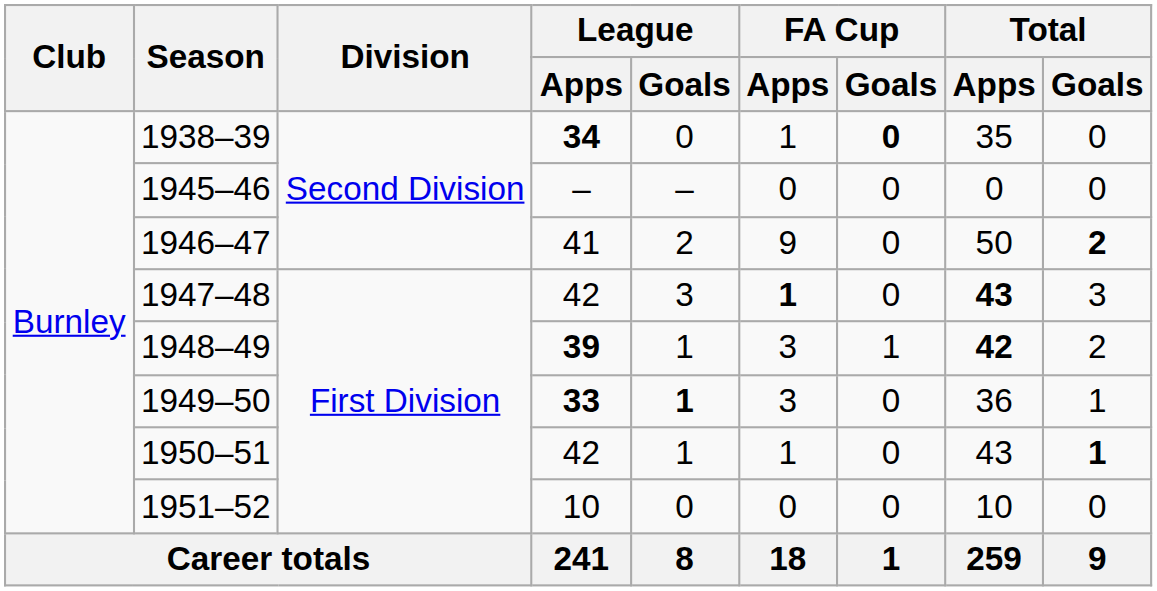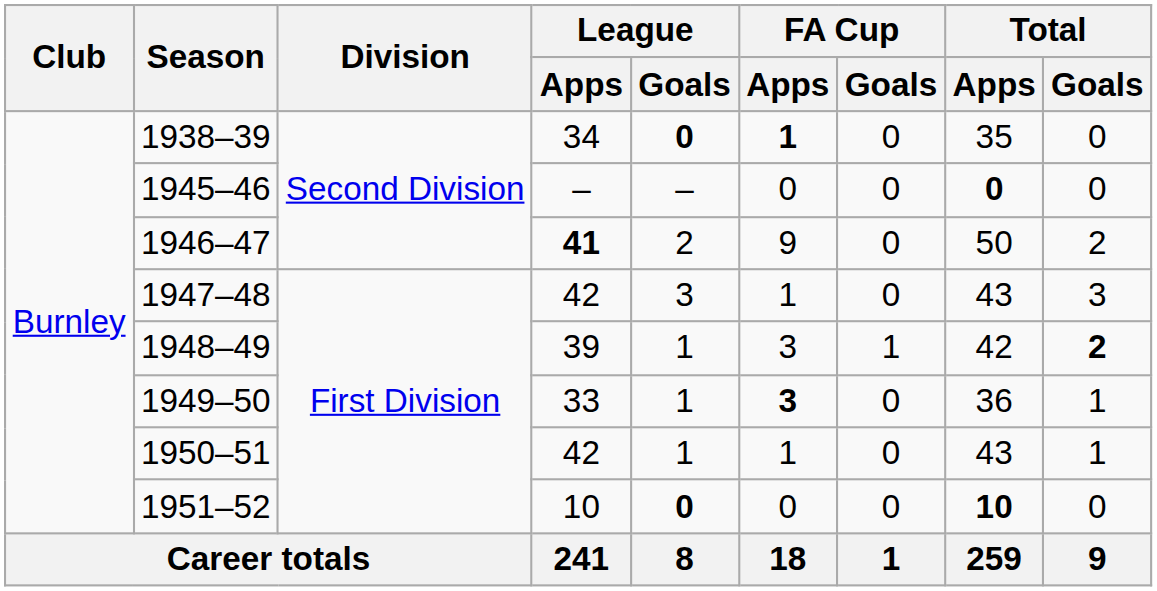 <table class=wikitable style=text-align:center>
 <tr>
 <th rowspan=2>Club</th>
 <th rowspan=2>Season</th>
 <th rowspan=2>Division</th>
 <th colspan=2>League</th>
 <th colspan=2>FA Cup</th>
 <th colspan=2>Total</th>
 </tr>
 <tr>
 <th>Apps</th>
 <th>Goals</th>
 <th>Apps</th>
 <th>Goals</th>
 <th>Apps</th>
 <th>Goals</th>
 </tr>
 <tr>
 <td rowspan=8><a href='#'>Burnley</a></td>
 <td>1938–39</td>
 <td rowspan=3><a href='#'>Second Division</a></td>
-<td><strong>34</strong></td>
+<td>34</td>
+<td><strong>0</strong></td>
+<td><strong>1</strong></td>
 <td>0</td>
-<td>1</td>
-<td><strong>0</strong></td>
 <td>35</td>
 <td>0</td>
 </tr>
 <tr>
 <td>1945–46</td>
 <td>–</td>
 <td>–</td>
 <td>0</td>
 <td>0</td>
-<td>0</td>
+<td><strong>0</strong></td>
 <td>0</td>
 </tr>
 <tr>
 <td>1946–47</td>
-<td>41</td>
+<td><strong>41</strong></td>
 <td>2</td>
 <td>9</td>
 <td>0</td>
 <td>50</td>
-<td><strong>2</strong></td>
+<td>2</td>
 </tr>
 <tr>
 <td>1947–48</td>
 <td rowspan=5><a href='#'>First Division</a></td>
 <td>42</td>
 <td>3</td>
-<td><strong>1</strong></td>
+<td>1</td>
 <td>0</td>
-<td><strong>43</strong></td>
+<td>43</td>
 <td>3</td>
 </tr>
 <tr>
 <td>1948–49</td>
-<td><strong>39</strong></td>
+<td>39</td>
 <td>1</td>
 <td>3</td>
 <td>1</td>
-<td><strong>42</strong></td>
-<td>2</td>
+<td>42</td>
+<td><strong>2</strong></td>
 </tr>
 <tr>
 <td>1949–50</td>
-<td><strong>33</strong></td>
-<td><strong>1</strong></td>
-<td>3</td>
+<td>33</td>
+<td>1</td>
+<td><strong>3</strong></td>
 <td>0</td>
 <td>36</td>
 <td>1</td>
 </tr>
 <tr>
 <td>1950–51</td>
 <td>42</td>
 <td>1</td>
 <td>1</td>
 <td>0</td>
 <td>43</td>
-<td><strong>1</strong></td>
+<td>1</td>
 </tr>
 <tr>
 <td>1951–52</td>
 <td>10</td>
+<td><strong>0</strong></td>
 <td>0</td>
 <td>0</td>
-<td>0</td>
-<td>10</td>
+<td><strong>10</strong></td>
 <td>0</td>
 </tr>
 <tr>
 <th colspan=3>Career totals</th>
 <th>241</th>
 <th>8</th>
 <th>18</th>
 <th>1</th>
 <th>259</th>
 <th>9</th>
 </tr>
 </table>
